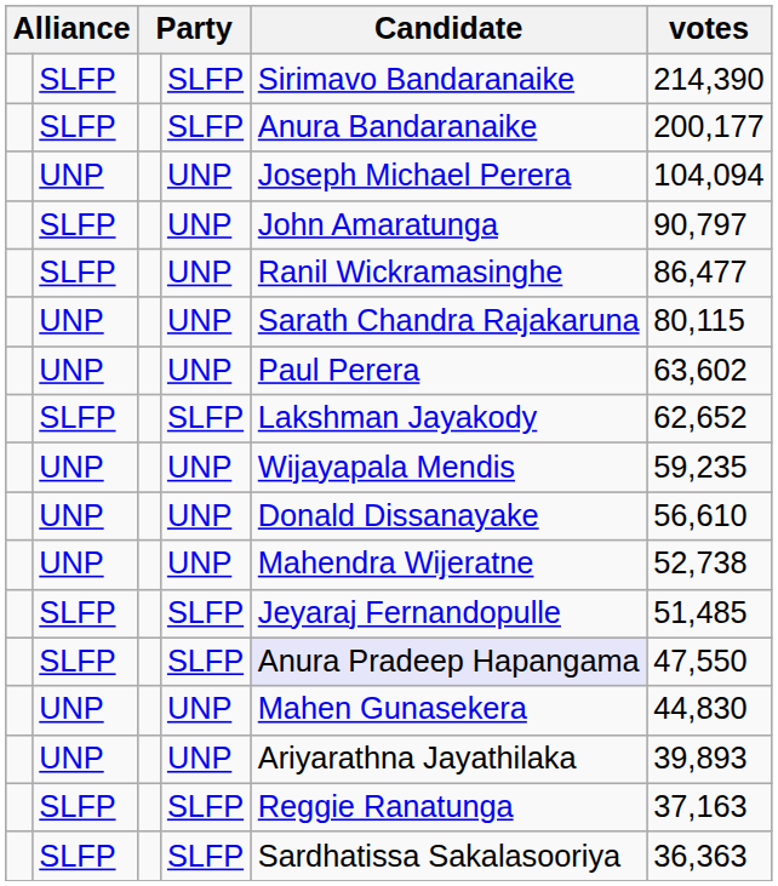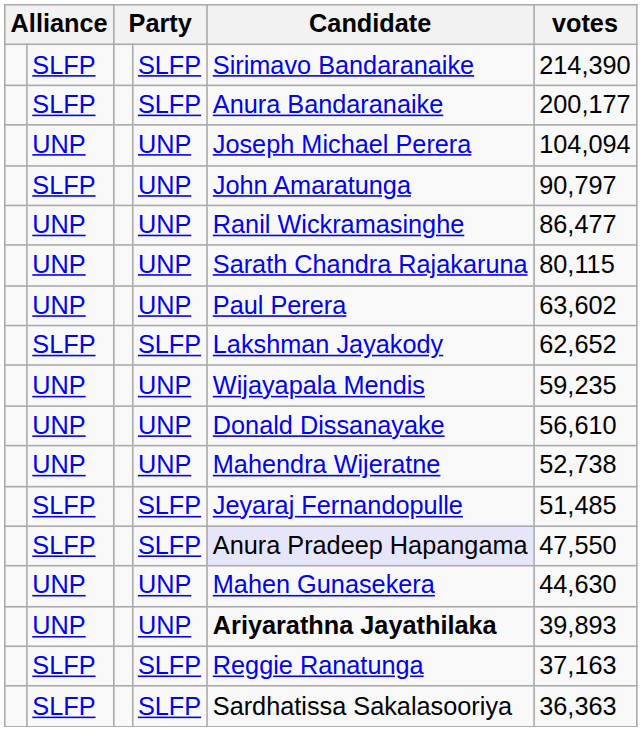 <table class="wikitable sortable mw-collapsible">
 <tr>
 <th colspan="2">Alliance</th>
 <th colspan="2">Party</th>
 <th>Candidate</th>
 <th>votes</th>
 </tr>
 <tr>
 <td bgcolor=> </td>
 <td align=left><a href='#'>SLFP</a></td>
 <td bgcolor=> </td>
 <td align=left><a href='#'>SLFP</a></td>
 <td><a href='#'>Sirimavo Bandaranaike</a></td>
 <td>214,390</td>
 </tr>
 <tr>
 <td bgcolor=> </td>
 <td align=left><a href='#'>SLFP</a></td>
 <td bgcolor=> </td>
 <td align=left><a href='#'>SLFP</a></td>
 <td><a href='#'>Anura Bandaranaike</a></td>
 <td>200,177</td>
 </tr>
 <tr>
 <td bgcolor=> </td>
 <td align=left><a href='#'>UNP</a></td>
 <td bgcolor=> </td>
 <td align=left><a href='#'>UNP</a></td>
 <td><a href='#'>Joseph Michael Perera</a></td>
 <td>104,094</td>
 </tr>
 <tr>
 <td bgcolor=> </td>
 <td align=left><a href='#'>SLFP</a></td>
 <td bgcolor=> </td>
 <td align=left><a href='#'>UNP</a></td>
 <td><a href='#'>John Amaratunga</a></td>
 <td>90,797</td>
 </tr>
 <tr>
 <td bgcolor=> </td>
-<td align=left><a href='#'>SLFP</a></td>
+<td align=left><a href='#'>UNP</a></td>
 <td bgcolor=> </td>
 <td align=left><a href='#'>UNP</a></td>
 <td><a href='#'>Ranil Wickramasinghe</a></td>
 <td>86,477</td>
 </tr>
 <tr>
 <td bgcolor=> </td>
 <td align=left><a href='#'>UNP</a></td>
 <td bgcolor=> </td>
 <td align=left><a href='#'>UNP</a></td>
 <td><a href='#'>Sarath Chandra Rajakaruna</a></td>
 <td>80,115</td>
 </tr>
 <tr>
 <td bgcolor=> </td>
 <td align=left><a href='#'>UNP</a></td>
 <td bgcolor=> </td>
 <td align=left><a href='#'>UNP</a></td>
 <td><a href='#'>Paul Perera</a></td>
 <td>63,602</td>
 </tr>
 <tr>
 <td bgcolor=> </td>
 <td align=left><a href='#'>SLFP</a></td>
 <td bgcolor=> </td>
 <td align=left><a href='#'>SLFP</a></td>
 <td><a href='#'>Lakshman Jayakody</a></td>
 <td>62,652</td>
 </tr>
 <tr>
 <td bgcolor=> </td>
 <td align=left><a href='#'>UNP</a></td>
 <td bgcolor=> </td>
 <td align=left><a href='#'>UNP</a></td>
 <td><a href='#'>Wijayapala Mendis</a></td>
 <td>59,235</td>
 </tr>
 <tr>
 <td bgcolor=> </td>
 <td align=left><a href='#'>UNP</a></td>
 <td bgcolor=> </td>
 <td align=left><a href='#'>UNP</a></td>
 <td><a href='#'>Donald Dissanayake</a></td>
 <td>56,610</td>
 </tr>
 <tr>
 <td bgcolor=> </td>
 <td align=left><a href='#'>UNP</a></td>
 <td bgcolor=> </td>
 <td align=left><a href='#'>UNP</a></td>
 <td><a href='#'>Mahendra Wijeratne</a></td>
 <td>52,738</td>
 </tr>
 <tr>
 <td bgcolor=> </td>
 <td align=left><a href='#'>SLFP</a></td>
 <td bgcolor=> </td>
 <td align=left><a href='#'>SLFP</a></td>
 <td><a href='#'>Jeyaraj Fernandopulle</a></td>
 <td>51,485</td>
 </tr>
 <tr>
 <td bgcolor=> </td>
 <td align=left><a href='#'>SLFP</a></td>
 <td bgcolor=> </td>
 <td align=left><a href='#'>SLFP</a></td>
 <td style="background: lavender;">Anura Pradeep Hapangama</td>
 <td>47,550</td>
 </tr>
 <tr>
 <td bgcolor=> </td>
 <td align=left><a href='#'>UNP</a></td>
 <td bgcolor=> </td>
 <td align=left><a href='#'>UNP</a></td>
 <td><a href='#'>Mahen Gunasekera</a></td>
-<td>44,830</td>
+<td>44,630</td>
 </tr>
 <tr>
 <td bgcolor=> </td>
 <td align=left><a href='#'>UNP</a></td>
 <td bgcolor=> </td>
 <td align=left><a href='#'>UNP</a></td>
-<td>Ariyarathna Jayathilaka</td>
+<td><strong>Ariyarathna Jayathilaka</strong></td>
 <td>39,893</td>
 </tr>
 <tr>
 <td bgcolor=> </td>
 <td align=left><a href='#'>SLFP</a></td>
 <td bgcolor=> </td>
 <td align=left><a href='#'>SLFP</a></td>
 <td><a href='#'>Reggie Ranatunga</a></td>
 <td>37,163</td>
 </tr>
 <tr>
 <td bgcolor=> </td>
 <td align=left><a href='#'>SLFP</a></td>
 <td bgcolor=> </td>
 <td align=left><a href='#'>SLFP</a></td>
 <td>Sardhatissa Sakalasooriya</td>
 <td>36,363</td>
 </tr>
 </table>
